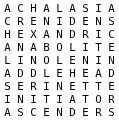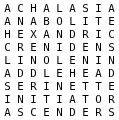 <table style="font-family: monospace; margin: 0 0 0 0; line-height:90%">
 <tr>
 <td style="padding-left: 2em;">A C H A L A S I A</td>
 </tr>
 <tr>
-<td style="padding-left: 2em;">C R E N I D E N S</td>
+<td style="padding-left: 2em;">A N A B O L I T E</td>
 </tr>
 <tr>
 <td style="padding-left: 2em;">H E X A N D R I C</td>
 </tr>
 <tr>
-<td style="padding-left: 2em;">A N A B O L I T E</td>
+<td style="padding-left: 2em;">C R E N I D E N S</td>
 </tr>
 <tr>
 <td style="padding-left: 2em;">L I N O L E N I N</td>
 </tr>
 <tr>
 <td style="padding-left: 2em;">A D D L E H E A D</td>
 </tr>
 <tr>
 <td style="padding-left: 2em;">S E R I N E T T E</td>
 </tr>
 <tr>
 <td style="padding-left: 2em;">I N I T I A T O R</td>
 </tr>
 <tr>
 <td style="padding-left: 2em;">A S C E N D E R S</td>
 </tr>
 </table>
